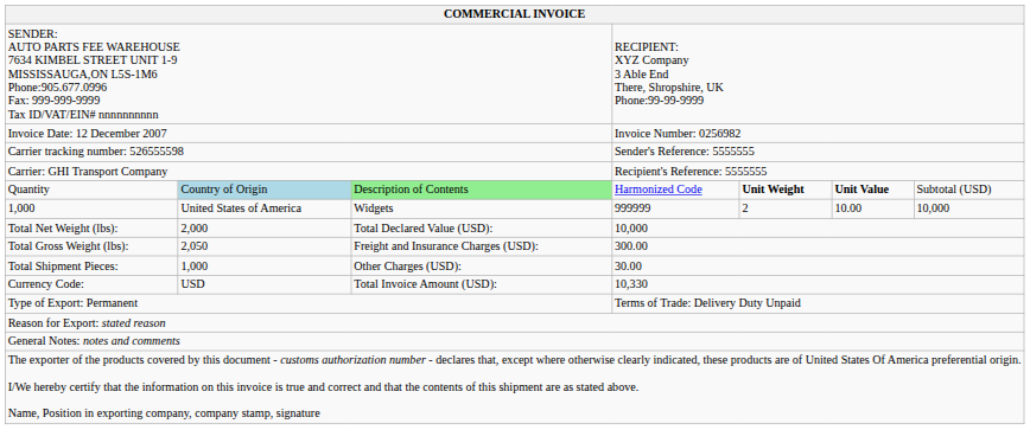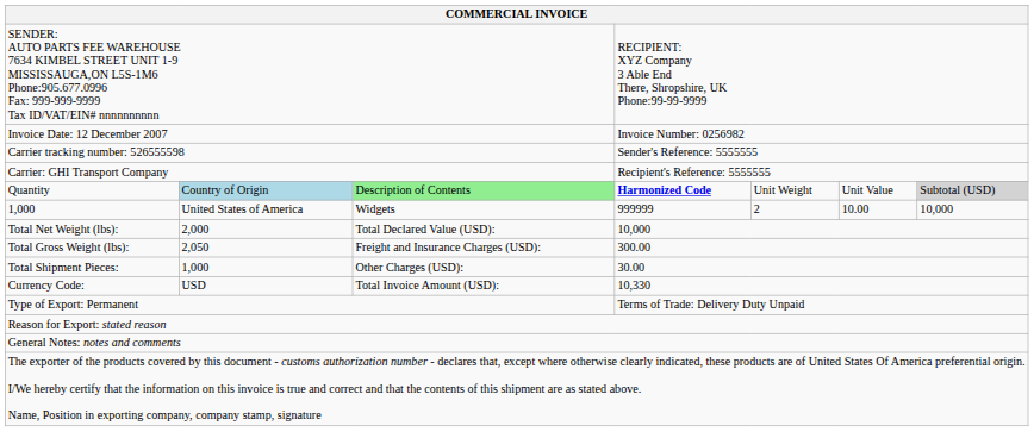 <table class="wikitable">
 <tr>
 <th colspan="7"><strong>COMMERCIAL INVOICE</strong></th>
 </tr>
 <tr>
 <td colspan="3">SENDER:<br>AUTO PARTS FEE WAREHOUSE<br>7634  KIMBEL STREET UNIT 1-9<br>MISSISSAUGA,ON L5S-1M6<br>Phone:905.677.0996<br>Fax: 999-999-9999<br>Tax ID/VAT/EIN# nnnnnnnnnn</td>
 <td colspan="4">RECIPIENT:<br>XYZ Company<br>3 Able End<br>There, Shropshire, UK<br>Phone:99-99-9999</td>
 </tr>
 <tr>
 <td colspan="3">Invoice Date: 12 December 2007</td>
 <td colspan="4">Invoice Number: 0256982</td>
 </tr>
 <tr>
 <td colspan="3">Carrier tracking number: 526555598</td>
 <td colspan="4">Sender's Reference: 5555555</td>
 </tr>
 <tr>
 <td colspan="3">Carrier: GHI Transport Company</td>
 <td colspan="4">Recipient's Reference: 5555555</td>
 </tr>
 <tr>
 <td>Quantity</td>
 <td style="background: lightblue;">Country of Origin</td>
 <td style="background: lightgreen;">Description of Contents</td>
-<td><a href='#'>Harmonized Code</a></td>
-<td><strong>Unit Weight</strong></td>
-<td><strong>Unit Value</strong></td>
-<td>Subtotal (USD)</td>
+<td><strong><a href='#'>Harmonized Code</a></strong></td>
+<td>Unit Weight</td>
+<td>Unit Value</td>
+<td style="background: lightgrey;">Subtotal (USD)</td>
 </tr>
 <tr>
 <td>1,000</td>
 <td>United States of America</td>
 <td>Widgets</td>
 <td>999999</td>
 <td>2</td>
 <td>10.00</td>
 <td>10,000</td>
 </tr>
 <tr>
 <td>Total Net Weight (lbs):</td>
 <td>2,000</td>
 <td>Total Declared Value (USD):</td>
 <td colspan="4">10,000</td>
 </tr>
 <tr>
 <td>Total Gross Weight (lbs):</td>
 <td>2,050</td>
 <td>Freight and Insurance Charges (USD):</td>
 <td colspan="4">300.00</td>
 </tr>
 <tr>
 <td>Total Shipment Pieces:</td>
 <td>1,000</td>
 <td>Other Charges (USD):</td>
 <td colspan="4">30.00</td>
 </tr>
 <tr>
 <td>Currency Code:</td>
 <td>USD</td>
 <td>Total Invoice Amount (USD):</td>
 <td colspan="4">10,330</td>
 </tr>
 <tr>
 <td colspan="3">Type of Export: Permanent</td>
 <td colspan="4">Terms of Trade: Delivery Duty Unpaid</td>
 </tr>
 <tr>
 <td colspan="7">Reason for Export: <em>stated reason</em></td>
 </tr>
 <tr>
 <td colspan="7">General Notes: <em>notes and comments</em></td>
 </tr>
 <tr>
 <td colspan="7">The exporter of the products covered by this document - <em>customs authorization number</em> - declares that, except where otherwise clearly indicated, these products are of United States Of America preferential origin.<br><br>I/We hereby certify that the information on this invoice is true and correct and that the contents of this shipment are as stated above.<br><br> Name, Position in exporting company, company stamp, signature</td>
 </tr>
 </table>
